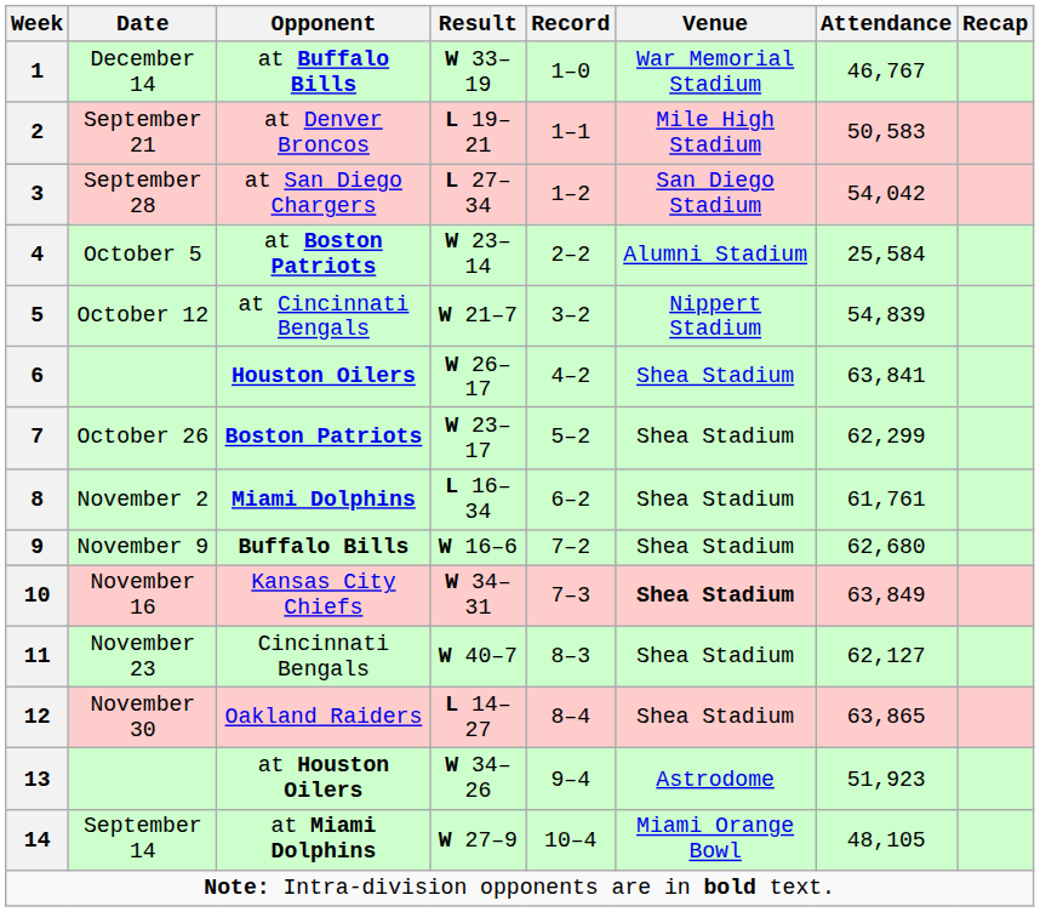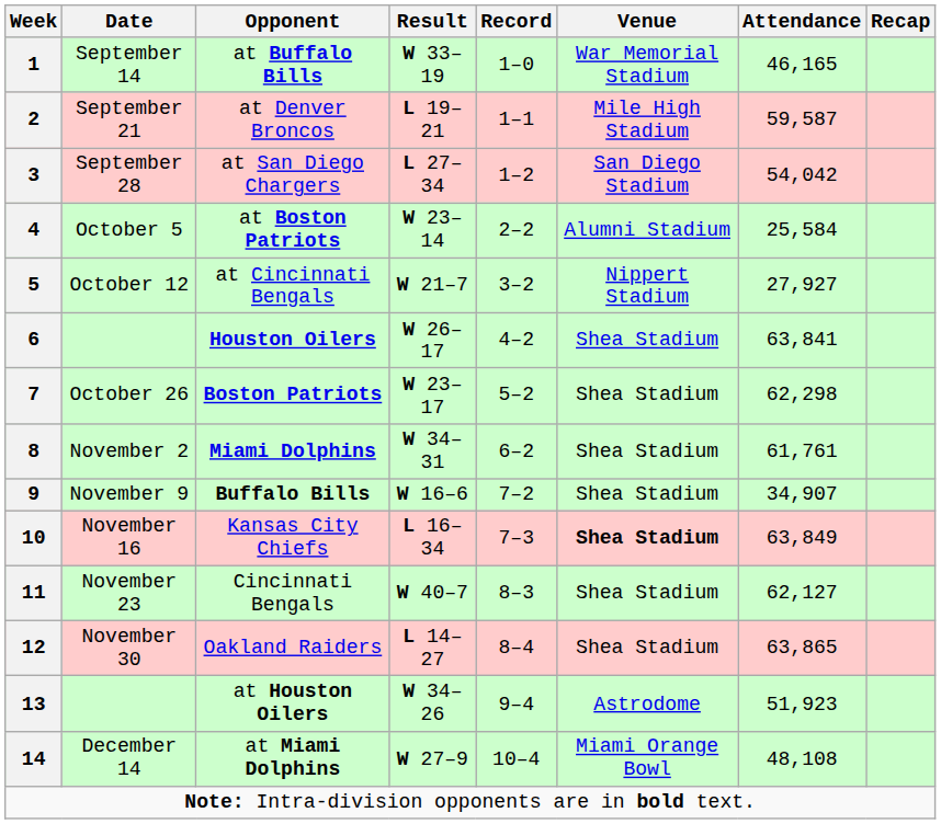 <table class="wikitable" style="text-align:center">
 <tr>
 <th>Week</th>
 <th>Date</th>
 <th>Opponent</th>
 <th>Result</th>
 <th>Record</th>
 <th>Venue</th>
 <th>Attendance</th>
 <th>Recap</th>
 </tr>
 <tr style="background:#cfc">
 <th>1</th>
-<td>December 14</td>
+<td>September 14</td>
 <td>at <strong><a href='#'>Buffalo Bills</a></strong></td>
 <td><strong>W</strong> 33–19</td>
 <td>1–0</td>
 <td><a href='#'>War Memorial Stadium</a></td>
-<td>46,767</td>
+<td>46,165</td>
 <td></td>
 </tr>
 <tr style="background:#fcc">
 <th>2</th>
 <td>September 21</td>
 <td>at <a href='#'>Denver Broncos</a></td>
 <td><strong>L</strong> 19–21</td>
 <td>1–1</td>
 <td><a href='#'>Mile High Stadium</a></td>
-<td>50,583</td>
+<td>59,587</td>
 <td></td>
 </tr>
 <tr style="background:#fcc">
 <th>3</th>
 <td>September 28</td>
 <td>at <a href='#'>San Diego Chargers</a></td>
 <td><strong>L</strong> 27–34</td>
 <td>1–2</td>
 <td><a href='#'>San Diego Stadium</a></td>
 <td>54,042</td>
 <td></td>
 </tr>
 <tr style="background:#cfc">
 <th>4</th>
 <td>October 5</td>
 <td>at <strong><a href='#'>Boston Patriots</a></strong></td>
 <td><strong>W</strong> 23–14</td>
 <td>2–2</td>
 <td><a href='#'>Alumni Stadium</a></td>
 <td>25,584</td>
 <td></td>
 </tr>
 <tr style="background:#cfc">
 <th>5</th>
 <td>October 12</td>
 <td>at <a href='#'>Cincinnati Bengals</a></td>
 <td><strong>W</strong> 21–7</td>
 <td>3–2</td>
 <td><a href='#'>Nippert Stadium</a></td>
-<td>54,839</td>
+<td>27,927</td>
 <td></td>
 </tr>
 <tr style="background:#cfc">
 <th>6</th>
 <td></td>
 <td><strong><a href='#'>Houston Oilers</a></strong></td>
 <td><strong>W</strong> 26–17</td>
 <td>4–2</td>
 <td><a href='#'>Shea Stadium</a></td>
 <td>63,841</td>
 <td></td>
 </tr>
 <tr style="background:#cfc">
 <th>7</th>
 <td>October 26</td>
 <td><strong><a href='#'>Boston Patriots</a></strong></td>
 <td><strong>W</strong> 23–17</td>
 <td>5–2</td>
 <td>Shea Stadium</td>
-<td>62,299</td>
+<td>62,298</td>
 <td></td>
 </tr>
 <tr style="background:#cfc">
 <th>8</th>
 <td>November 2</td>
 <td><strong><a href='#'>Miami Dolphins</a></strong></td>
-<td><strong>L</strong> 16–34</td>
+<td><strong>W</strong> 34–31</td>
 <td>6–2</td>
 <td>Shea Stadium</td>
 <td>61,761</td>
 <td></td>
 </tr>
 <tr style="background:#cfc">
 <th>9</th>
 <td>November 9</td>
 <td><strong>Buffalo Bills</strong></td>
 <td><strong>W</strong> 16–6</td>
 <td>7–2</td>
 <td>Shea Stadium</td>
-<td>62,680</td>
+<td>34,907</td>
 <td></td>
 </tr>
 <tr style="background:#fcc">
 <th>10</th>
 <td>November 16</td>
 <td><a href='#'>Kansas City Chiefs</a></td>
-<td><strong>W</strong> 34–31</td>
+<td><strong>L</strong> 16–34</td>
 <td>7–3</td>
 <td><strong>Shea Stadium</strong></td>
 <td>63,849</td>
 <td></td>
 </tr>
 <tr style="background:#cfc">
 <th>11</th>
 <td>November 23</td>
 <td>Cincinnati Bengals</td>
 <td><strong>W</strong> 40–7</td>
 <td>8–3</td>
 <td>Shea Stadium</td>
 <td>62,127</td>
 <td></td>
 </tr>
 <tr style="background:#fcc">
 <th>12</th>
 <td>November 30</td>
 <td><a href='#'>Oakland Raiders</a></td>
 <td><strong>L</strong> 14–27</td>
 <td>8–4</td>
 <td>Shea Stadium</td>
 <td>63,865</td>
 <td></td>
 </tr>
 <tr style="background:#cfc">
 <th>13</th>
 <td></td>
 <td>at <strong>Houston Oilers</strong></td>
 <td><strong>W</strong> 34–26</td>
 <td>9–4</td>
 <td><a href='#'>Astrodome</a></td>
 <td>51,923</td>
 <td></td>
 </tr>
 <tr style="background:#cfc">
 <th>14</th>
-<td>September 14</td>
+<td>December 14</td>
 <td>at <strong>Miami Dolphins</strong></td>
 <td><strong>W</strong> 27–9</td>
 <td>10–4</td>
 <td><a href='#'>Miami Orange Bowl</a></td>
-<td>48,105</td>
+<td>48,108</td>
 <td></td>
 </tr>
 <tr>
 <td colspan="8"><strong>Note:</strong> Intra-division opponents are in <strong>bold</strong> text.</td>
 </tr>
 </table>
